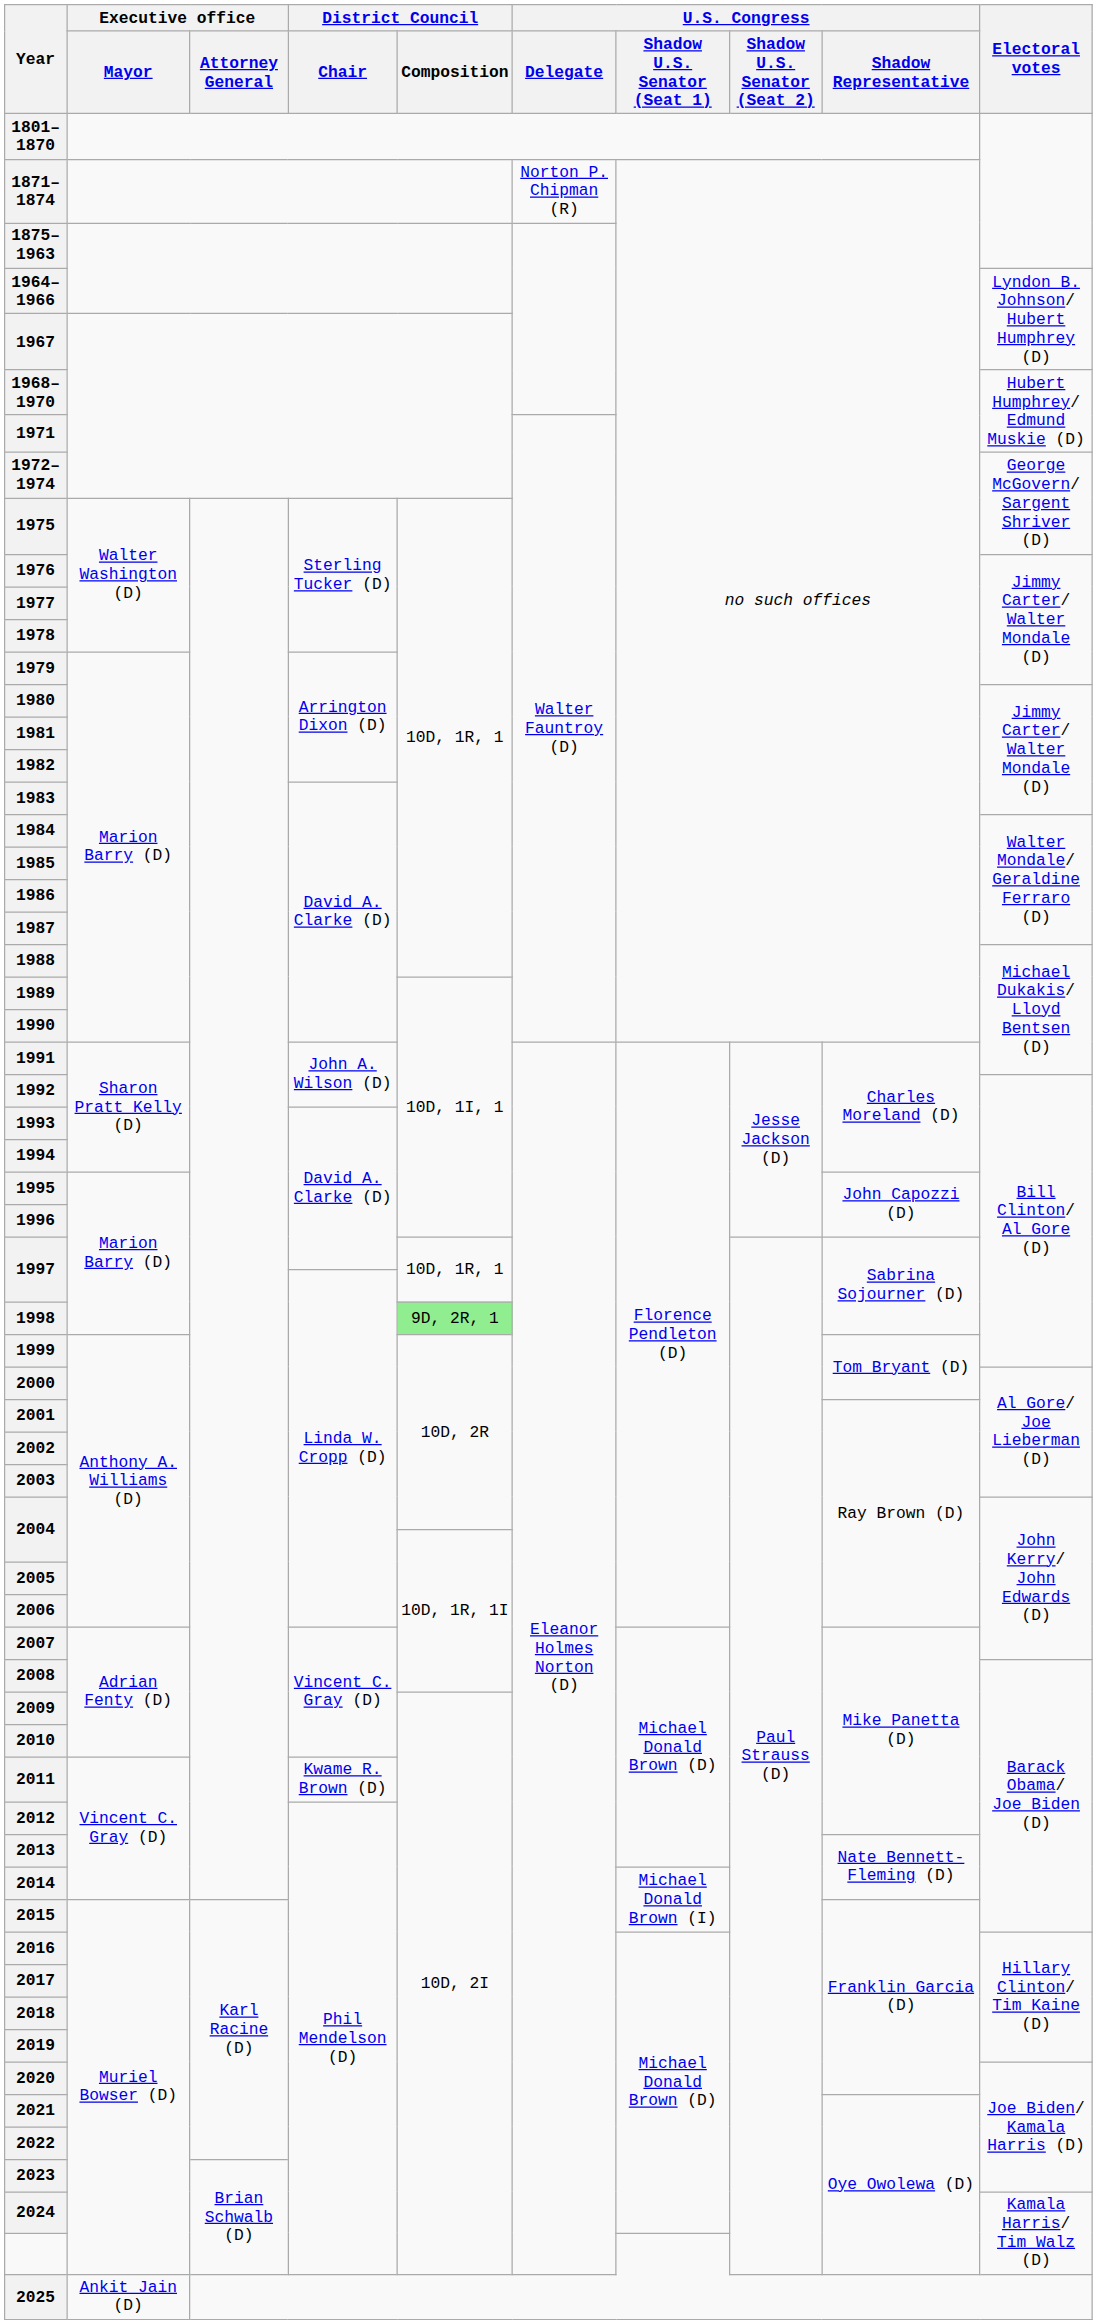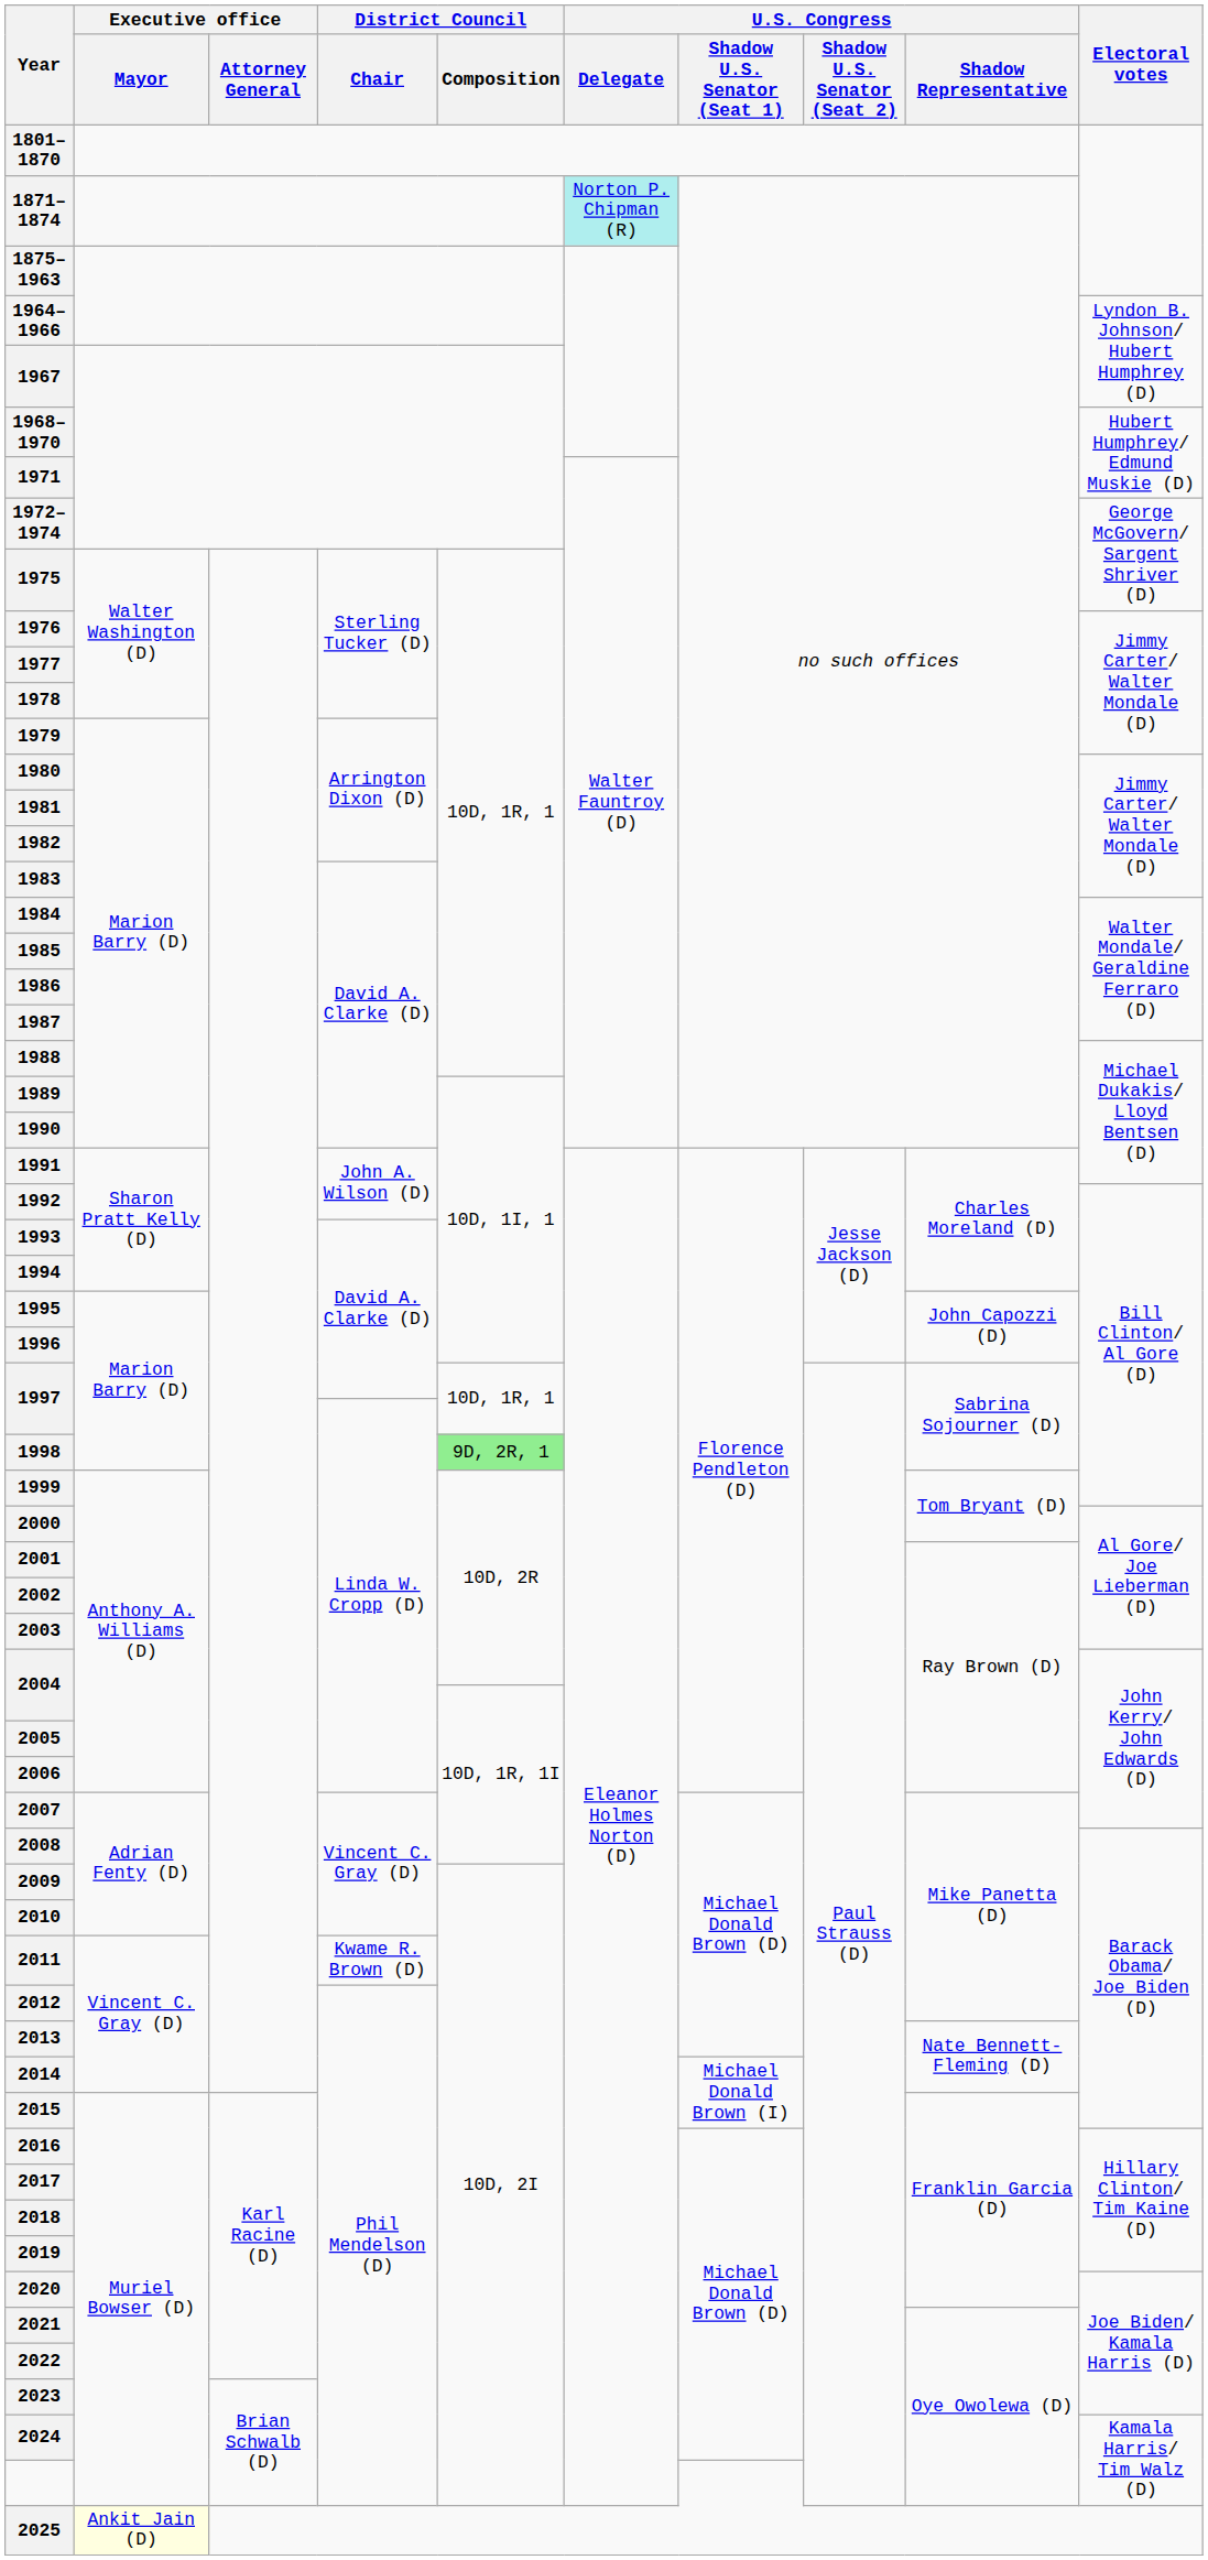 <table class="wikitable sortable sticky-header-multi" style="text-align:center">
 <tr>
 <th rowspan=2 class=unsortable>Year</th>
 <th colspan=2>Executive office</th>
 <th colspan=2><a href='#'>District Council</a></th>
 <th colspan=4><a href='#'>U.S. Congress</a></th>
 <th rowspan=2 class=unsortable><a href='#'>Electoral<br>votes</a></th>
 </tr>
 <tr style="height:2em">
 <th class=unsortable><a href='#'>Mayor</a></th>
 <th class=unsortable><a href='#'>Attorney<br>General</a></th>
 <th class=unsortable><a href='#'>Chair</a></th>
 <th class=unsortable>Composition</th>
 <th class=unsortable><a href='#'>Delegate</a></th>
 <th class=unsortable><a href='#'>Shadow U.S. Senator<br>(Seat 1)</a></th>
 <th class=unsortable><a href='#'>Shadow U.S. Senator<br>(Seat 2)</a></th>
 <th class=unsortable><a href='#'>Shadow<br>Representative</a></th>
 </tr>
 <tr style="height:2em">
 <th>1801–1870</th>
 <td colspan=8></td>
 <td rowspan="3"></td>
 </tr>
 <tr style="height:2em">
 <th>1871–1874</th>
 <td colspan="4"></td>
-<td><a href='#'>Norton P. Chipman</a> (R)</td>
+<td style="background: paleturquoise;"><a href='#'>Norton P. Chipman</a> (R)</td>
 <td colspan="3" rowspan="23"><em>no such offices</em></td>
 </tr>
 <tr style="height:2em">
 <th>1875–1963</th>
 <td colspan="4" rowspan="2"></td>
 <td rowspan="4"></td>
 </tr>
 <tr style="height:2em">
 <th>1964–1966</th>
 <td rowspan="2" ><a href='#'>Lyndon B. Johnson</a>/<br><a href='#'>Hubert Humphrey</a> (D) </td>
 </tr>
 <tr style="height:2em">
 <th>1967</th>
 <td colspan="4" rowspan="4"></td>
 </tr>
 <tr style="height:2em">
 <th>1968–1970</th>
 <td rowspan="2" ><a href='#'>Hubert Humphrey</a>/<br><a href='#'>Edmund Muskie</a> (D) </td>
 </tr>
 <tr style="height:2em">
 <th>1971</th>
 <td rowspan="18" ><a href='#'>Walter Fauntroy</a> (D)</td>
 </tr>
 <tr style="height:2em">
 <th>1972–1974</th>
 <td rowspan="2" ><a href='#'>George McGovern</a>/<br><a href='#'>Sargent Shriver</a> (D) </td>
 </tr>
 <tr style="height:2em">
 <th>1975</th>
 <td rowspan=4 ><a href='#'>Walter Washington</a> (D)</td>
 <td rowspan=42></td>
 <td rowspan=4 ><a href='#'>Sterling Tucker</a> (D)</td>
 <td rowspan=14 >10D, 1R, 1</td>
 </tr>
 <tr style="height:2em">
 <th>1976</th>
 <td rowspan=4 ><a href='#'>Jimmy Carter</a>/<br><a href='#'>Walter Mondale</a> (D) </td>
 </tr>
 <tr style="height:2em">
 <th>1977</th>
 </tr>
 <tr style="height:2em">
 <th>1978</th>
 </tr>
 <tr style="height:2em">
 <th>1979</th>
 <td rowspan=12 ><a href='#'>Marion Barry</a> (D)</td>
 <td rowspan=4 ><a href='#'>Arrington Dixon</a> (D)</td>
 </tr>
 <tr style="height:2em">
 <th>1980</th>
 <td rowspan=4 ><a href='#'>Jimmy Carter</a>/<br><a href='#'>Walter Mondale</a> (D) </td>
 </tr>
 <tr style="height:2em">
 <th>1981</th>
 </tr>
 <tr style="height:2em">
 <th>1982</th>
 </tr>
 <tr style="height:2em">
 <th>1983</th>
 <td rowspan=8 ><a href='#'>David A. Clarke</a> (D)</td>
 </tr>
 <tr style="height:2em">
 <th>1984</th>
 <td rowspan=4 ><a href='#'>Walter Mondale</a>/<br><a href='#'>Geraldine Ferraro</a> (D) </td>
 </tr>
 <tr style="height:2em">
 <th>1985</th>
 </tr>
 <tr style="height:2em">
 <th>1986</th>
 </tr>
 <tr style="height:2em">
 <th>1987</th>
 </tr>
 <tr style="height:2em">
 <th>1988</th>
 <td rowspan=4 ><a href='#'>Michael Dukakis</a>/<br><a href='#'>Lloyd Bentsen</a> (D) </td>
 </tr>
 <tr style="height:2em">
 <th>1989</th>
 <td rowspan=8 >10D, 1I, 1</td>
 </tr>
 <tr style="height:2em">
 <th>1990</th>
 </tr>
 <tr style="height:2em">
 <th>1991</th>
 <td rowspan=4 ><a href='#'>Sharon Pratt Kelly</a> (D)</td>
 <td rowspan=2 ><a href='#'>John A. Wilson</a> (D)</td>
 <td rowspan=37 ><a href='#'>Eleanor Holmes<br>Norton</a> (D)</td>
 <td rowspan=18 ><a href='#'>Florence Pendleton</a> (D)</td>
 <td rowspan=6 ><a href='#'>Jesse Jackson</a> (D)</td>
 <td rowspan=4 ><a href='#'>Charles Moreland</a> (D)</td>
 </tr>
 <tr style="height:2em">
 <th>1992</th>
 <td rowspan=9 ><a href='#'>Bill Clinton</a>/<br><a href='#'>Al Gore</a> (D) </td>
 </tr>
 <tr style="height:2em">
 <th>1993</th>
 <td rowspan=5 ><a href='#'>David A. Clarke</a> (D)</td>
 </tr>
 <tr style="height:2em">
 <th>1994</th>
 </tr>
 <tr style="height:2em">
 <th>1995</th>
 <td rowspan=5 ><a href='#'>Marion Barry</a> (D)</td>
 <td rowspan=2 ><a href='#'>John Capozzi</a> (D)</td>
 </tr>
 <tr style="height:2em">
 <th>1996</th>
 </tr>
 <tr style="height:2em">
 <th rowspan=2>1997</th>
 <td rowspan=2 >10D, 1R, 1</td>
 <td rowspan=31 ><a href='#'>Paul Strauss</a> (D)</td>
 <td rowspan=3 ><a href='#'>Sabrina Sojourner</a> (D)</td>
 </tr>
 <tr style="height:2em">
 <td rowspan=11 ><a href='#'>Linda W. Cropp</a> (D)</td>
 </tr>
 <tr style="height:2em">
 <th>1998</th>
 <td style="background: lightgreen;">9D, 2R, 1</td>
 </tr>
 <tr style="height:2em">
 <th>1999</th>
 <td rowspan=9 ><a href='#'>Anthony A. Williams</a> (D)</td>
 <td rowspan=6 >10D, 2R</td>
 <td rowspan=2 ><a href='#'>Tom Bryant</a> (D)</td>
 </tr>
 <tr style="height:2em">
 <th>2000</th>
 <td rowspan=4 ><a href='#'>Al Gore</a>/<br><a href='#'>Joe Lieberman</a> (D) </td>
 </tr>
 <tr style="height:2em">
 <th>2001</th>
 <td rowspan=7 >Ray Brown (D)</td>
 </tr>
 <tr style="height:2em">
 <th>2002</th>
 </tr>
 <tr style="height:2em">
 <th>2003</th>
 </tr>
 <tr style="height:2em">
 <th rowspan=2>2004</th>
 <td rowspan=5 ><a href='#'>John Kerry</a>/<br><a href='#'>John Edwards</a> (D) </td>
 </tr>
 <tr style="height:2em">
 <td rowspan=5 >10D, 1R, 1I</td>
 </tr>
 <tr style="height:2em">
 <th>2005</th>
 </tr>
 <tr style="height:2em">
 <th>2006</th>
 </tr>
 <tr style="height:2em">
 <th>2007</th>
 <td rowspan=4 ><a href='#'>Adrian Fenty</a> (D)</td>
 <td rowspan=4 ><a href='#'>Vincent C. Gray</a> (D)</td>
 <td rowspan=7 ><a href='#'>Michael Donald<br>Brown</a> (D)</td>
 <td rowspan=6 ><a href='#'>Mike Panetta</a> (D)</td>
 </tr>
 <tr style="height:2em">
 <th>2008</th>
 <td rowspan=8 ><a href='#'>Barack Obama</a>/<br><a href='#'>Joe Biden</a> (D) </td>
 </tr>
 <tr style="height:2em">
 <th>2009</th>
 <td rowspan=17 >10D, 2I</td>
 </tr>
 <tr style="height:2em">
 <th>2010</th>
 </tr>
 <tr style="height:2em">
 <th>2011</th>
 <td rowspan=4 ><a href='#'>Vincent C. Gray</a> (D)</td>
 <td><a href='#'>Kwame R. Brown</a> (D)</td>
 </tr>
 <tr style="height:2em">
 <th>2012</th>
 <td rowspan=14 ><a href='#'>Phil Mendelson</a> (D)</td>
 </tr>
 <tr style="height:2em">
 <th>2013</th>
 <td rowspan=2 ><a href='#'>Nate Bennett-Fleming</a> (D)</td>
 </tr>
 <tr style="height:2em">
 <th>2014</th>
 <td rowspan=2 ><a href='#'>Michael Donald<br>Brown</a> (I)</td>
 </tr>
 <tr style="height:2em">
 <th>2015</th>
 <td rowspan=11 ><a href='#'>Muriel Bowser</a> (D)</td>
 <td rowspan=8 ><a href='#'>Karl Racine</a> (D)</td>
 <td rowspan=6 ><a href='#'>Franklin Garcia</a> (D)</td>
 </tr>
 <tr style="height:2em">
 <th>2016</th>
 <td rowspan=9 ><a href='#'>Michael Donald<br>Brown</a> (D)</td>
 <td rowspan=4 ><a href='#'>Hillary Clinton</a>/<br><a href='#'>Tim Kaine</a> (D) </td>
 </tr>
 <tr style="height:2em">
 <th>2017</th>
 </tr>
 <tr style="height:2em">
 <th>2018</th>
 </tr>
 <tr style="height:2em">
 <th>2019</th>
 </tr>
 <tr style="height:2em">
 <th>2020</th>
 <td rowspan=4 ><a href='#'>Joe Biden</a>/<br><a href='#'>Kamala Harris</a> (D) </td>
 </tr>
 <tr style="height:2em">
 <th>2021</th>
 <td rowspan=5 ><a href='#'>Oye Owolewa</a> (D)</td>
 </tr>
 <tr style="height:2em">
 <th>2022</th>
 </tr>
 <tr style="height:2em">
 <th>2023</th>
 <td rowspan=3 ><a href='#'>Brian Schwalb</a> (D)</td>
 </tr>
 <tr style="height:2em">
 <th>2024</th>
 <td rowspan=2 ><a href='#'>Kamala Harris</a>/<br><a href='#'>Tim Walz</a> (D) </td>
 </tr>
 <tr style="height:2em">
 </tr>
 <tr style="height:2em">
 <th>2025</th>
-<td><a href='#'>Ankit Jain</a> (D)</td>
+<td style="background: lightyellow;"><a href='#'>Ankit Jain</a> (D)</td>
 </tr>
 </table>
